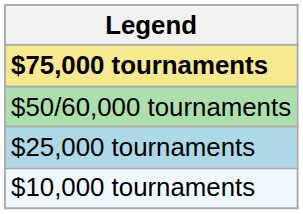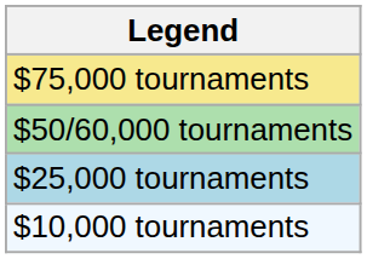 <table class="wikitable" style="font-size:85%">
 <tr>
 <th>Legend</th>
 </tr>
 <tr bgcolor="#F7E98E">
-<td><strong>$75,000 tournaments</strong></td>
+<td>$75,000 tournaments</td>
 </tr>
 <tr bgcolor="#ADDFAD">
 <td>$50/60,000 tournaments</td>
 </tr>
 <tr bgcolor="lightblue">
 <td>$25,000 tournaments</td>
 </tr>
 <tr bgcolor="#f0f8ff">
 <td>$10,000 tournaments</td>
 </tr>
 </table>
